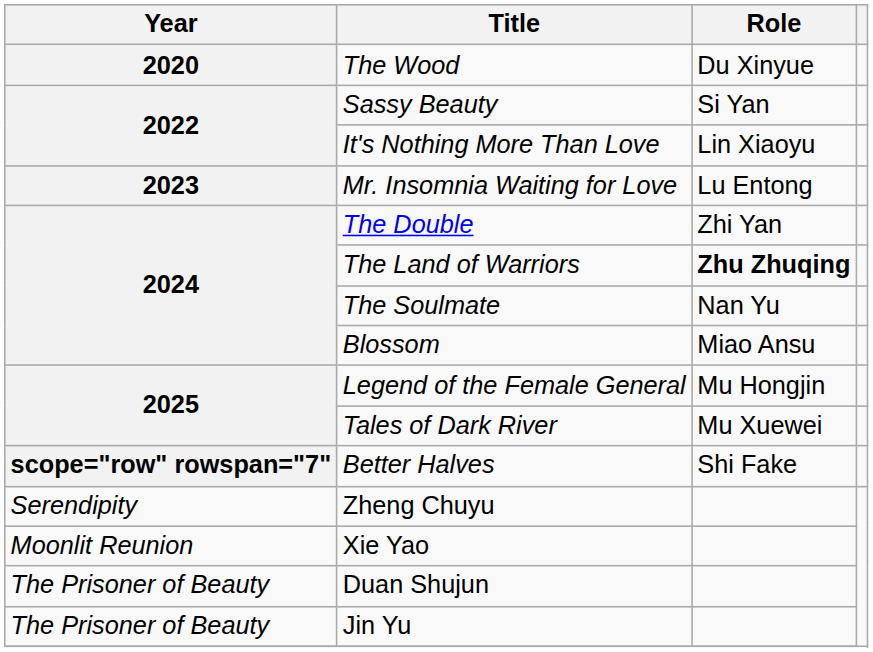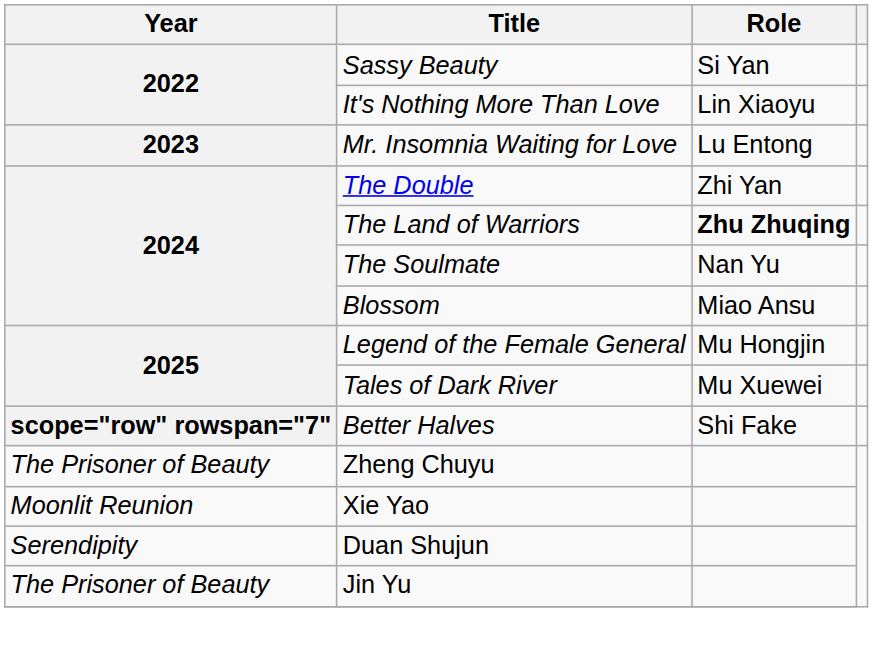 <table class="wikitable sortable plainrowheaders">
 <tr>
 <th scope="col">Year</th>
 <th scope="col">Title</th>
 <th scope="col">Role</th>
 <th scope="col" class="unsortable"></th>
-</tr>
-<tr>
-<th scope="row">2020</th>
-<td><em>The Wood</em></td>
-<td>Du Xinyue</td>
-<td style="text-align:center"></td>
 </tr>
 <tr>
 <th rowspan="2" scope="row">2022</th>
 <td><em>Sassy Beauty</em></td>
 <td>Si Yan</td>
 <td style="text-align:center"></td>
 </tr>
 <tr>
 <td><em>It's Nothing More Than Love</em></td>
 <td>Lin Xiaoyu</td>
 <td style="text-align:center"></td>
 </tr>
 <tr>
 <th scope="row">2023</th>
 <td><em>Mr. Insomnia Waiting for Love</em></td>
 <td>Lu Entong</td>
 <td style="text-align:center"></td>
 </tr>
 <tr>
 <th scope="row" rowspan="4">2024</th>
 <td><em><a href='#'>The Double</a></em></td>
 <td>Zhi Yan</td>
 <td style="text-align:center"></td>
 </tr>
 <tr>
 <td><em>The Land of Warriors</em></td>
 <td><strong>Zhu Zhuqing</strong></td>
 <td style="text-align:center"></td>
 </tr>
 <tr>
 <td><em>The Soulmate</em></td>
 <td>Nan Yu</td>
 <td style="text-align:center"></td>
 </tr>
 <tr>
 <td><em>Blossom</em></td>
 <td>Miao Ansu</td>
 <td style="text-align:center"></td>
 </tr>
 <tr>
 <th scope="row" rowspan="2">2025</th>
 <td><em>Legend of the Female General</em></td>
 <td>Mu Hongjin</td>
 <td style="text-align:center"></td>
 </tr>
 <tr>
 <td><em>Tales of Dark River</em></td>
 <td>Mu Xuewei</td>
 <td style="text-align:center"></td>
 </tr>
 <tr>
 <th>scope="row" rowspan="7" </th>
 <td><em>Better Halves</em></td>
 <td>Shi Fake</td>
 <td style="text-align:center"></td>
 </tr>
 <tr>
-<td><em>Serendipity</em></td>
+<td><em>The Prisoner of Beauty</em></td>
 <td>Zheng Chuyu</td>
 <td style="text-align:center"></td>
 </tr>
 <tr>
 <td><em>Moonlit Reunion</em></td>
 <td>Xie Yao</td>
 <td style="text-align:center"></td>
 </tr>
 <tr>
-<td><em>The Prisoner of Beauty</em></td>
+<td><em>Serendipity</em></td>
 <td>Duan Shujun</td>
 <td style="text-align:center"></td>
 </tr>
 <tr>
 <td><em>The Prisoner of Beauty</em></td>
 <td>Jin Yu</td>
 <td style="text-align:center"></td>
 </tr>
 <tr>
 </tr>
 </table>
